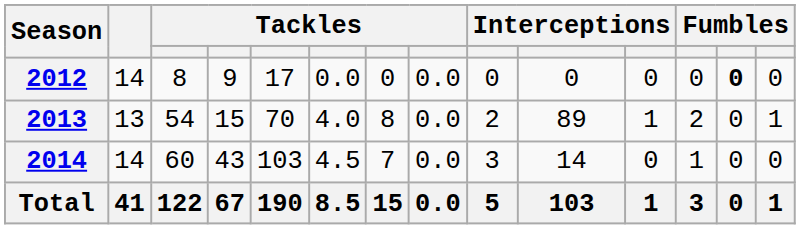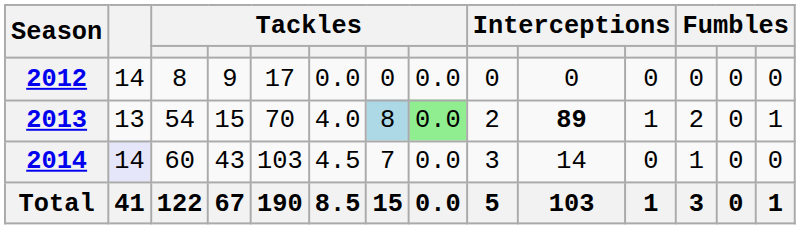 <table class="wikitable" style="text-align: center;">
 <tr>
 <th rowspan="2">Season</th>
 <th rowspan="2"></th>
 <th colspan="6">Tackles</th>
 <th colspan="3">Interceptions</th>
 <th colspan="3">Fumbles</th>
 </tr>
 <tr>
 <th></th>
 <th></th>
 <th></th>
 <th></th>
 <th></th>
 <th></th>
 <th></th>
 <th></th>
 <th></th>
 <th></th>
 <th></th>
 <th></th>
 </tr>
 <tr>
 <th><a href='#'>2012</a></th>
 <td>14</td>
 <td>8</td>
 <td>9</td>
 <td>17</td>
 <td>0.0</td>
 <td>0</td>
 <td>0.0</td>
 <td>0</td>
 <td>0</td>
 <td>0</td>
 <td>0</td>
-<td><strong>0</strong></td>
+<td>0</td>
 <td>0</td>
 </tr>
 <tr>
 <th><a href='#'>2013</a></th>
 <td>13</td>
 <td>54</td>
 <td>15</td>
 <td>70</td>
 <td>4.0</td>
-<td>8</td>
-<td>0.0</td>
+<td style="background: lightblue;">8</td>
+<td style="background: lightgreen;">0.0</td>
 <td>2</td>
-<td>89</td>
+<td><strong>89</strong></td>
 <td>1</td>
 <td>2</td>
 <td>0</td>
 <td>1</td>
 </tr>
 <tr>
 <th><a href='#'>2014</a></th>
-<td>14</td>
+<td style="background: lavender;">14</td>
 <td>60</td>
 <td>43</td>
 <td>103</td>
 <td>4.5</td>
 <td>7</td>
 <td>0.0</td>
 <td>3</td>
 <td>14</td>
 <td>0</td>
 <td>1</td>
 <td>0</td>
 <td>0</td>
 </tr>
 <tr>
 <th>Total</th>
 <th>41</th>
 <th>122</th>
 <th>67</th>
 <th>190</th>
 <th>8.5</th>
 <th>15</th>
 <th>0.0</th>
 <th>5</th>
 <th>103</th>
 <th>1</th>
 <th>3</th>
 <th>0</th>
 <th>1</th>
 </tr>
 </table>
